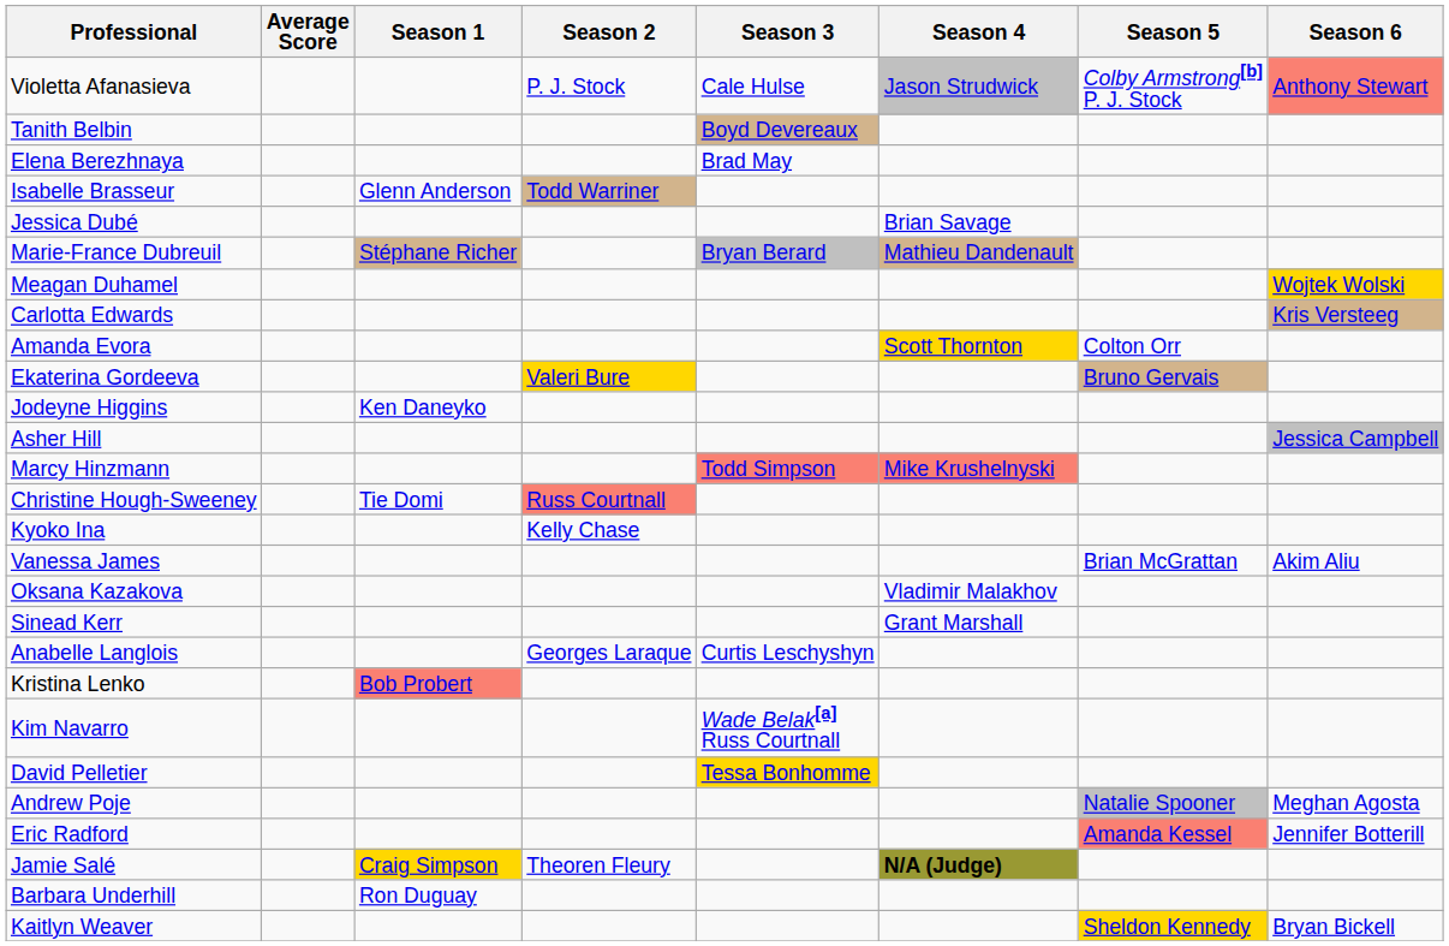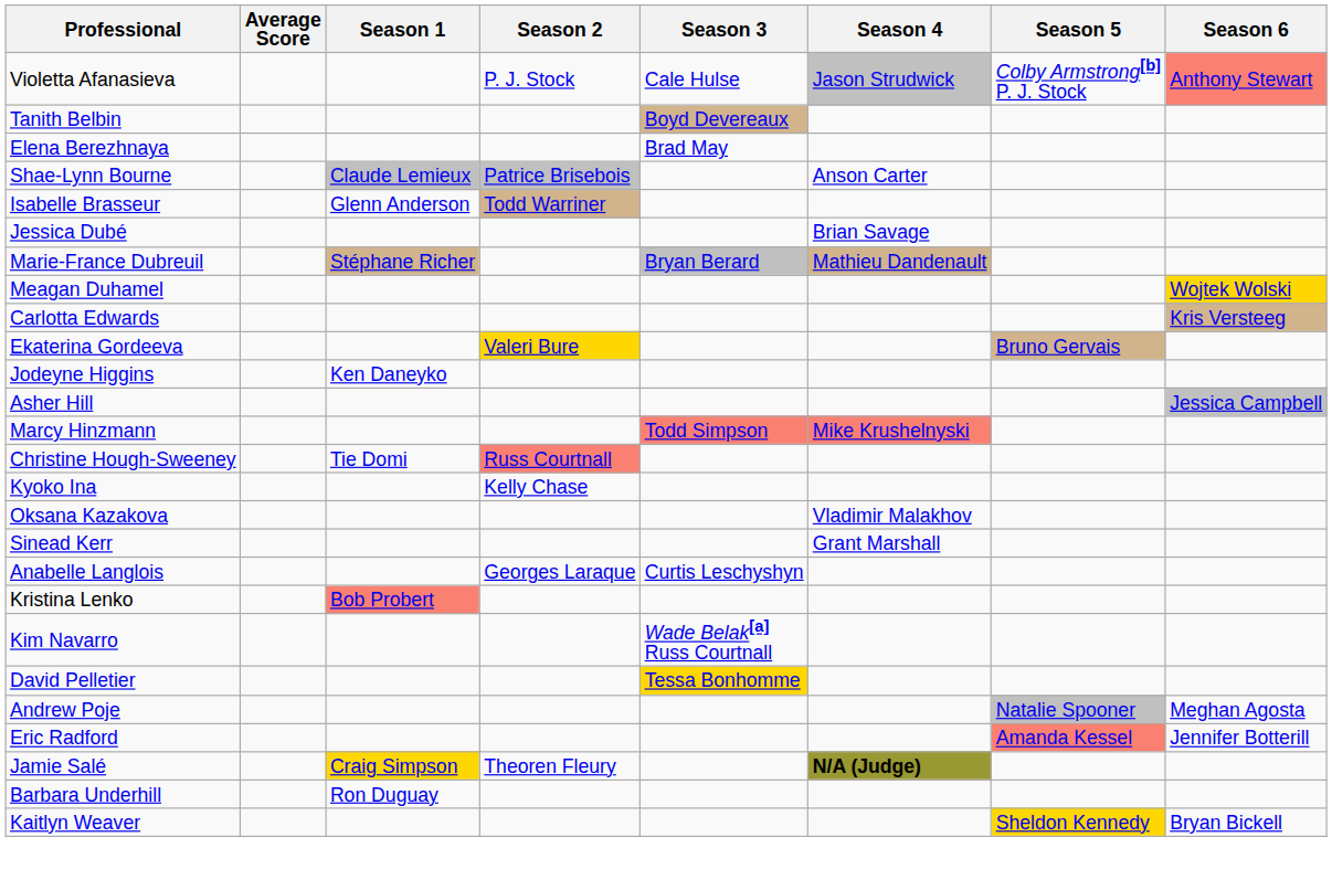 <table class="wikitable sortable" style="margin:auto; font-size:95%; line-height:15px;">
 <tr>
 <th>Professional</th>
 <th>Average<br>Score</th>
 <th>Season 1</th>
 <th>Season 2</th>
 <th>Season 3</th>
 <th>Season 4</th>
 <th>Season 5</th>
 <th>Season 6</th>
 </tr>
 <tr>
 <td> Violetta Afanasieva</td>
 <td></td>
 <td></td>
 <td><a href='#'>P. J. Stock</a></td>
 <td><a href='#'>Cale Hulse</a></td>
 <td style="background: silver;"><a href='#'>Jason Strudwick</a></td>
 <td><em><a href='#'>Colby Armstrong</a></em><sup><span></span><a href='#'><strong>[b]</strong></a></sup><br><a href='#'>P. J. Stock</a></td>
 <td style="background: #FA8072;"><a href='#'>Anthony Stewart</a></td>
 </tr>
 <tr>
 <td> <a href='#'>Tanith Belbin</a></td>
 <td></td>
 <td></td>
 <td></td>
 <td style="background: tan;"><a href='#'>Boyd Devereaux</a></td>
 <td></td>
 <td></td>
 <td></td>
 </tr>
 <tr>
 <td> <a href='#'>Elena Berezhnaya</a></td>
 <td></td>
 <td></td>
 <td></td>
 <td><a href='#'>Brad May</a></td>
 <td></td>
+<td></td>
+<td></td>
+</tr>
+<tr>
+<td> <a href='#'>Shae-Lynn Bourne</a></td>
+<td></td>
+<td style="background: silver;"><a href='#'>Claude Lemieux</a></td>
+<td style="background: silver;"><a href='#'>Patrice Brisebois</a></td>
+<td></td>
+<td><a href='#'>Anson Carter</a></td>
 <td></td>
 <td></td>
 </tr>
 <tr>
 <td> <a href='#'>Isabelle Brasseur</a></td>
 <td></td>
 <td><a href='#'>Glenn Anderson</a></td>
 <td style="background: tan;"><a href='#'>Todd Warriner</a></td>
 <td></td>
 <td></td>
 <td></td>
 <td></td>
 </tr>
 <tr>
 <td> <a href='#'>Jessica Dubé</a></td>
 <td></td>
 <td></td>
 <td></td>
 <td></td>
 <td><a href='#'>Brian Savage</a></td>
 <td></td>
 <td></td>
 </tr>
 <tr>
 <td> <a href='#'>Marie-France Dubreuil</a></td>
 <td></td>
 <td style="background: tan;"><a href='#'>Stéphane Richer</a></td>
 <td></td>
 <td style="background: silver;"><a href='#'>Bryan Berard</a></td>
 <td style="background: tan;"><a href='#'>Mathieu Dandenault</a></td>
 <td></td>
 <td></td>
 </tr>
 <tr>
 <td> <a href='#'>Meagan Duhamel</a></td>
 <td></td>
 <td></td>
 <td></td>
 <td></td>
 <td></td>
 <td></td>
 <td style="background: gold;"><a href='#'>Wojtek Wolski</a></td>
 </tr>
 <tr>
 <td> <a href='#'>Carlotta Edwards</a></td>
 <td></td>
 <td></td>
 <td></td>
 <td></td>
 <td></td>
 <td></td>
 <td style="background: tan;"><a href='#'>Kris Versteeg</a></td>
-</tr>
-<tr>
-<td> <a href='#'>Amanda Evora</a></td>
-<td></td>
-<td></td>
-<td></td>
-<td></td>
-<td style="background: gold;"><a href='#'>Scott Thornton</a></td>
-<td><a href='#'>Colton Orr</a></td>
-<td></td>
 </tr>
 <tr>
 <td> <a href='#'>Ekaterina Gordeeva</a></td>
 <td></td>
 <td></td>
 <td style="background: gold;"><a href='#'>Valeri Bure</a></td>
 <td></td>
 <td></td>
 <td bgcolor="tan"><a href='#'>Bruno Gervais</a></td>
 <td></td>
 </tr>
 <tr>
 <td> <a href='#'>Jodeyne Higgins</a></td>
 <td></td>
 <td><a href='#'>Ken Daneyko</a></td>
 <td></td>
 <td></td>
 <td></td>
 <td></td>
 <td></td>
 </tr>
 <tr>
 <td> <a href='#'>Asher Hill</a></td>
 <td></td>
 <td></td>
 <td></td>
 <td></td>
 <td></td>
 <td></td>
 <td style="background: silver;"><a href='#'>Jessica Campbell</a></td>
 </tr>
 <tr>
 <td> <a href='#'>Marcy Hinzmann</a></td>
 <td></td>
 <td></td>
 <td></td>
 <td style="background: #FA8072;"><a href='#'>Todd Simpson</a></td>
 <td style="background: #FA8072;"><a href='#'>Mike Krushelnyski</a></td>
 <td></td>
 <td></td>
 </tr>
 <tr>
 <td> <a href='#'>Christine Hough-Sweeney</a></td>
 <td></td>
 <td><a href='#'>Tie Domi</a></td>
 <td style="background: #FA8072;"><a href='#'>Russ Courtnall</a></td>
 <td></td>
 <td></td>
 <td></td>
 <td></td>
 </tr>
 <tr>
 <td> <a href='#'>Kyoko Ina</a></td>
 <td></td>
 <td></td>
 <td><a href='#'>Kelly Chase</a></td>
 <td></td>
 <td></td>
 <td></td>
 <td></td>
-</tr>
-<tr>
-<td> <a href='#'>Vanessa James</a></td>
-<td></td>
-<td></td>
-<td></td>
-<td></td>
-<td></td>
-<td><a href='#'>Brian McGrattan</a></td>
-<td><a href='#'>Akim Aliu</a></td>
 </tr>
 <tr>
 <td> <a href='#'>Oksana Kazakova</a></td>
 <td></td>
 <td></td>
 <td></td>
 <td></td>
 <td><a href='#'>Vladimir Malakhov</a></td>
 <td></td>
 <td></td>
 </tr>
 <tr>
 <td> <a href='#'>Sinead Kerr</a></td>
 <td></td>
 <td></td>
 <td></td>
 <td></td>
 <td><a href='#'>Grant Marshall</a></td>
 <td></td>
 <td></td>
 </tr>
 <tr>
 <td> <a href='#'>Anabelle Langlois</a></td>
 <td></td>
 <td></td>
 <td><a href='#'>Georges Laraque</a></td>
 <td><a href='#'>Curtis Leschyshyn</a></td>
 <td></td>
 <td></td>
 <td></td>
 </tr>
 <tr>
 <td> Kristina Lenko</td>
 <td></td>
 <td style="background: #FA8072;"><a href='#'>Bob Probert</a></td>
 <td></td>
 <td></td>
 <td></td>
 <td></td>
 <td></td>
 </tr>
 <tr>
 <td> <a href='#'>Kim Navarro</a></td>
 <td></td>
 <td></td>
 <td></td>
 <td><em><a href='#'>Wade Belak</a></em><sup><span></span><a href='#'><strong>[a]</strong></a></sup><br><a href='#'>Russ Courtnall</a></td>
 <td></td>
 <td></td>
 <td></td>
 </tr>
 <tr>
 <td> <a href='#'>David Pelletier</a></td>
 <td></td>
 <td></td>
 <td></td>
 <td style="background: gold;"><a href='#'>Tessa Bonhomme</a></td>
 <td></td>
 <td></td>
 <td></td>
 </tr>
 <tr>
 <td> <a href='#'>Andrew Poje</a></td>
 <td></td>
 <td></td>
 <td></td>
 <td></td>
 <td></td>
 <td bgcolor="silver"><a href='#'>Natalie Spooner</a></td>
 <td><a href='#'>Meghan Agosta</a></td>
 </tr>
 <tr>
 <td> <a href='#'>Eric Radford</a></td>
 <td></td>
 <td></td>
 <td></td>
 <td></td>
 <td></td>
 <td style="background: #FA8072;”"><a href='#'>Amanda Kessel</a></td>
 <td><a href='#'>Jennifer Botterill</a></td>
 </tr>
 <tr>
 <td> <a href='#'>Jamie Salé</a></td>
 <td></td>
 <td style="background: gold;"><a href='#'>Craig Simpson</a></td>
 <td><a href='#'>Theoren Fleury</a></td>
 <td></td>
 <td style="background: #999933;"><strong>N/A (Judge)</strong></td>
 <td></td>
 <td></td>
 </tr>
 <tr>
 <td> <a href='#'>Barbara Underhill</a></td>
 <td></td>
 <td><a href='#'>Ron Duguay</a></td>
 <td></td>
 <td></td>
 <td></td>
 <td></td>
 <td></td>
 </tr>
 <tr>
 <td> <a href='#'>Kaitlyn Weaver</a></td>
 <td></td>
 <td></td>
 <td></td>
 <td></td>
 <td></td>
 <td bgcolor="gold"><a href='#'>Sheldon Kennedy</a></td>
 <td><a href='#'>Bryan Bickell</a></td>
 </tr>
 </table>
